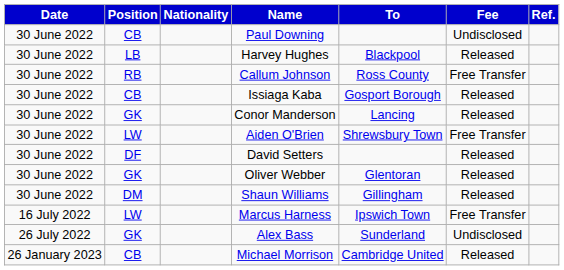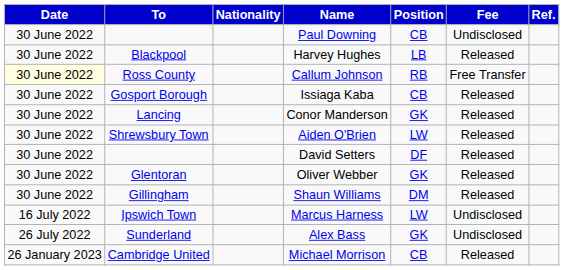 <table class="wikitable"  style="text-align:center; font-size:90%; ">
 <tr>
 <th style="background:mediumblue;color:white;">Date</th>
-<th style="background:mediumblue;color:white;">Position</th>
+<th style="background:mediumblue;color:white;">To</th>
 <th style="background:mediumblue;color:white;">Nationality</th>
 <th style="background:mediumblue;color:white;">Name</th>
-<th style="background:mediumblue;color:white;">To</th>
+<th style="background:mediumblue;color:white;">Position</th>
 <th style="background:mediumblue;color:white;">Fee</th>
 <th style="background:mediumblue;color:white;">Ref.</th>
 </tr>
 <tr>
 <td>30 June 2022</td>
-<td><a href='#'>CB</a></td>
+<td></td>
 <td></td>
 <td><a href='#'>Paul Downing</a></td>
-<td></td>
+<td><a href='#'>CB</a></td>
 <td>Undisclosed</td>
 <td></td>
 </tr>
 <tr>
 <td>30 June 2022</td>
-<td><a href='#'>LB</a></td>
+<td> <a href='#'>Blackpool</a></td>
 <td></td>
 <td>Harvey Hughes</td>
-<td> <a href='#'>Blackpool</a></td>
+<td><a href='#'>LB</a></td>
+<td>Released</td>
+<td></td>
+</tr>
+<tr>
+<td style="background: lightyellow;">30 June 2022</td>
+<td> <a href='#'>Ross County</a></td>
+<td></td>
+<td><a href='#'>Callum Johnson</a></td>
+<td><a href='#'>RB</a></td>
+<td>Free Transfer</td>
+<td></td>
+</tr>
+<tr>
+<td>30 June 2022</td>
+<td> <a href='#'>Gosport Borough</a></td>
+<td></td>
+<td>Issiaga Kaba</td>
+<td><a href='#'>CB</a></td>
 <td>Released</td>
 <td></td>
 </tr>
 <tr>
 <td>30 June 2022</td>
-<td><a href='#'>RB</a></td>
+<td> <a href='#'>Lancing</a></td>
 <td></td>
-<td><a href='#'>Callum Johnson</a></td>
-<td> <a href='#'>Ross County</a></td>
-<td>Free Transfer</td>
-<td></td>
-</tr>
-<tr>
-<td>30 June 2022</td>
-<td><a href='#'>CB</a></td>
-<td></td>
-<td>Issiaga Kaba</td>
-<td> <a href='#'>Gosport Borough</a></td>
+<td>Conor Manderson</td>
+<td><a href='#'>GK</a></td>
 <td>Released</td>
 <td></td>
 </tr>
 <tr>
 <td>30 June 2022</td>
-<td><a href='#'>GK</a></td>
+<td> <a href='#'>Shrewsbury Town</a></td>
 <td></td>
-<td>Conor Manderson</td>
-<td> <a href='#'>Lancing</a></td>
+<td><a href='#'>Aiden O'Brien</a></td>
+<td><a href='#'>LW</a></td>
 <td>Released</td>
 <td></td>
 </tr>
 <tr>
 <td>30 June 2022</td>
-<td><a href='#'>LW</a></td>
 <td></td>
-<td><a href='#'>Aiden O'Brien</a></td>
-<td> <a href='#'>Shrewsbury Town</a></td>
-<td>Free Transfer</td>
-<td></td>
-</tr>
-<tr>
-<td>30 June 2022</td>
-<td><a href='#'>DF</a></td>
 <td></td>
 <td>David Setters</td>
-<td></td>
+<td><a href='#'>DF</a></td>
 <td>Released</td>
 <td></td>
 </tr>
 <tr>
 <td>30 June 2022</td>
-<td><a href='#'>GK</a></td>
+<td> <a href='#'>Glentoran</a></td>
 <td></td>
 <td>Oliver Webber</td>
-<td> <a href='#'>Glentoran</a></td>
+<td><a href='#'>GK</a></td>
 <td>Released</td>
 <td></td>
 </tr>
 <tr>
 <td>30 June 2022</td>
-<td><a href='#'>DM</a></td>
+<td> <a href='#'>Gillingham</a></td>
 <td></td>
 <td><a href='#'>Shaun Williams</a></td>
-<td> <a href='#'>Gillingham</a></td>
+<td><a href='#'>DM</a></td>
 <td>Released</td>
 <td></td>
 </tr>
 <tr>
 <td>16 July 2022</td>
-<td><a href='#'>LW</a></td>
+<td> <a href='#'>Ipswich Town</a></td>
 <td></td>
 <td><a href='#'>Marcus Harness</a></td>
-<td> <a href='#'>Ipswich Town</a></td>
-<td>Free Transfer</td>
+<td><a href='#'>LW</a></td>
+<td>Undisclosed</td>
 <td></td>
 </tr>
 <tr>
 <td>26 July 2022</td>
-<td><a href='#'>GK</a></td>
+<td> <a href='#'>Sunderland</a></td>
 <td></td>
 <td><a href='#'>Alex Bass</a></td>
-<td> <a href='#'>Sunderland</a></td>
+<td><a href='#'>GK</a></td>
 <td>Undisclosed</td>
 <td></td>
 </tr>
 <tr>
 <td>26 January 2023</td>
-<td><a href='#'>CB</a></td>
+<td> <a href='#'>Cambridge United</a></td>
 <td></td>
 <td><a href='#'>Michael Morrison</a></td>
-<td> <a href='#'>Cambridge United</a></td>
+<td><a href='#'>CB</a></td>
 <td>Released</td>
 <td></td>
 </tr>
 </table>
